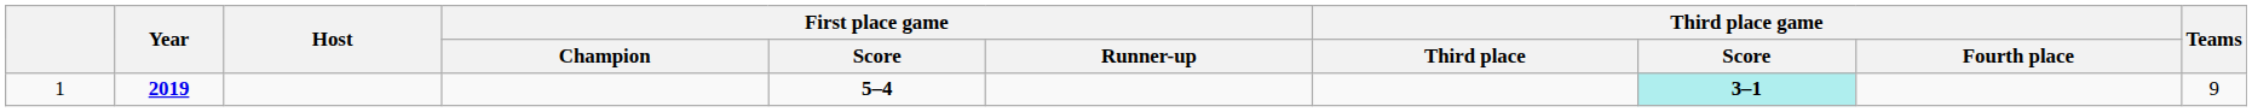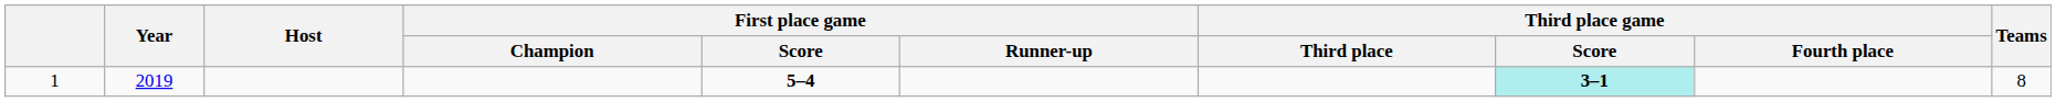 <table class="wikitable" style="font-size:90%; text-align:center; width:100%;">
 <tr>
 <th rowspan="2" style="width:5%;"></th>
 <th rowspan="2" style="width:5%;">Year</th>
 <th rowspan="2" style="width:10%;">Host</th>
 <th colspan="3">First place game</th>
 <th colspan="3">Third place game</th>
 <th rowspan="2" style="width:5%;">Teams</th>
 </tr>
 <tr>
 <th style="width:15%;"> Champion</th>
 <th style="width:10%;">Score</th>
 <th style="width:15%;"> Runner-up</th>
 <th style="width:15%;"> Third place</th>
 <th style="width:10%;">Score</th>
 <th style="width:15%;"> Fourth place</th>
 </tr>
 <tr>
 <td>1</td>
-<td><strong><a href='#'>2019</a></strong></td>
+<td><a href='#'>2019</a></td>
 <td style="text-align:left"></td>
 <td></td>
 <td><strong>5–4</strong></td>
 <td></td>
 <td></td>
 <td style="background: paleturquoise;"><strong>3–1</strong></td>
 <td></td>
-<td>9</td>
+<td>8</td>
 </tr>
 </table>
